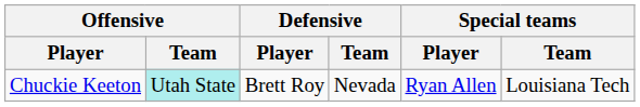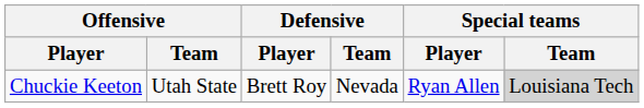 <table class="wikitable">
 <tr>
 <th colspan="2">Offensive</th>
 <th colspan="2">Defensive</th>
 <th colspan="2">Special teams</th>
 </tr>
 <tr>
 <th>Player</th>
 <th>Team</th>
 <th>Player</th>
 <th>Team</th>
 <th>Player</th>
 <th>Team</th>
 </tr>
 <tr>
 <td><a href='#'>Chuckie Keeton</a></td>
-<td style="background: paleturquoise;">Utah State</td>
+<td>Utah State</td>
 <td>Brett Roy</td>
 <td>Nevada</td>
 <td><a href='#'>Ryan Allen</a></td>
-<td>Louisiana Tech</td>
+<td style="background: lightgrey;">Louisiana Tech</td>
 </tr>
 </table>
